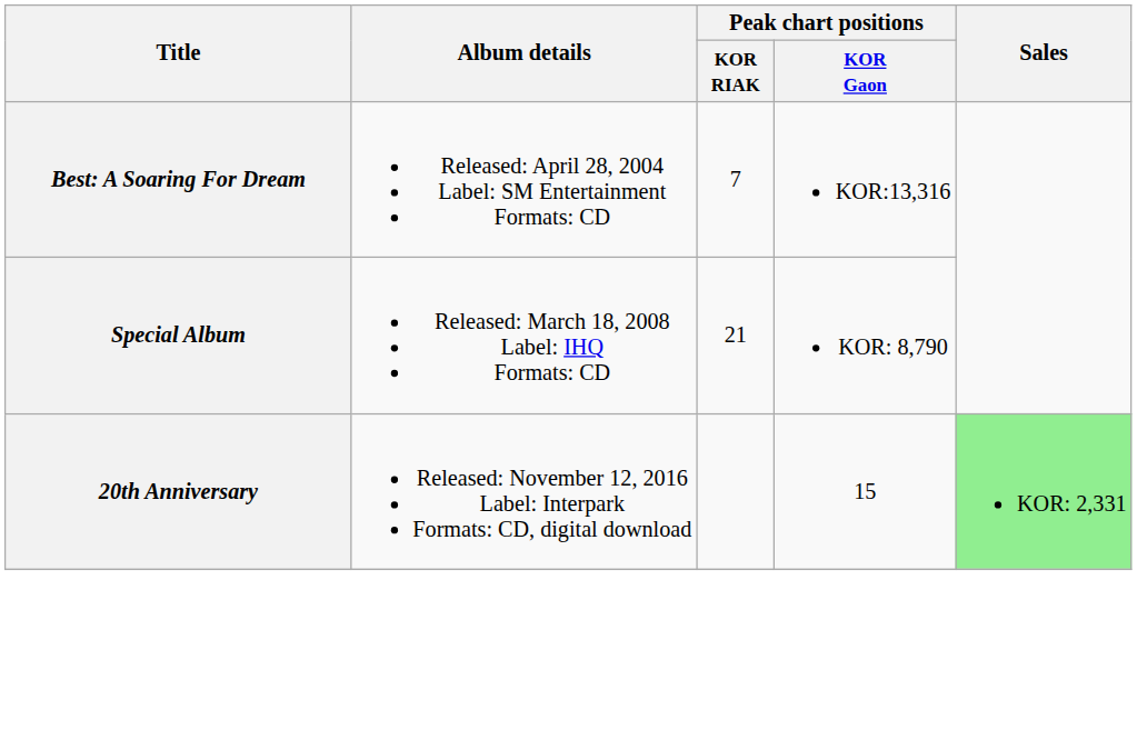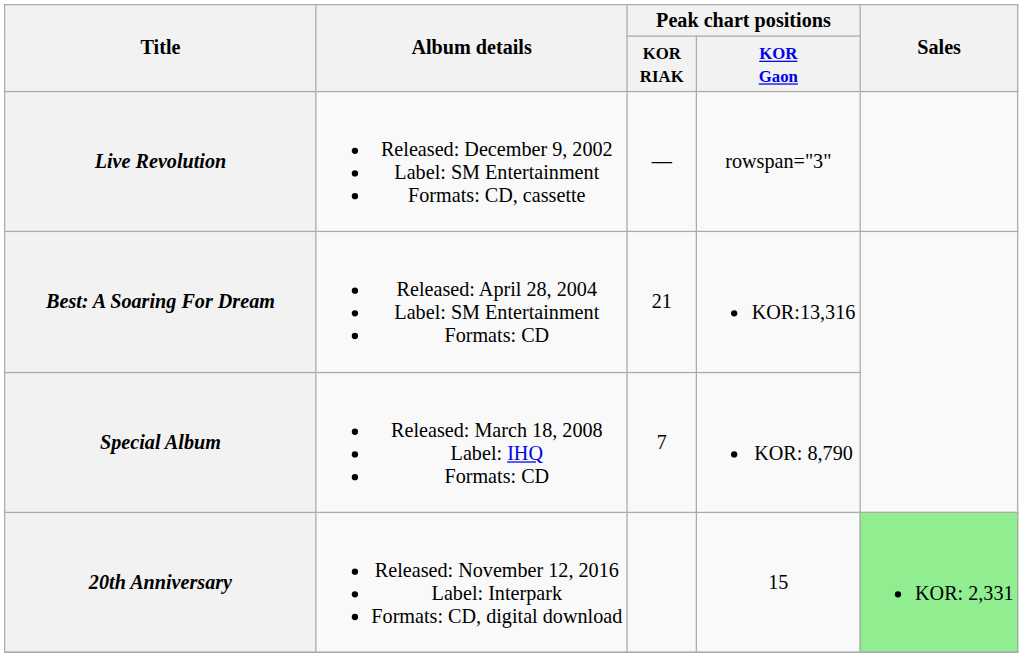 <table class="wikitable plainrowheaders" style="text-align:center;">
 <tr>
 <th scope="col" rowspan="2" style="width:15em;">Title</th>
 <th scope="col" rowspan="2">Album details</th>
 <th colspan="2" scope="col">Peak chart positions</th>
 <th scope="col" rowspan="2">Sales</th>
 </tr>
 <tr>
 <th style="width:3em;"><small>KOR<br>RIAK</small><br></th>
 <th style="width:3em;"><small><a href='#'>KOR<br>Gaon</a></small><br></th>
 </tr>
 <tr>
+<th scope="row"><em>Live Revolution</em></th>
+<td><br><ul><li>Released: December 9, 2002</li><li>Label: SM Entertainment</li><li>Formats: CD, cassette</li></ul></td>
+<td>—</td>
+<td>rowspan="3" </td>
+<td></td>
+</tr>
+<tr>
 <th scope="row"><em>Best: A Soaring For Dream</em></th>
 <td><br><ul><li>Released: April 28, 2004</li><li>Label: SM Entertainment</li><li>Formats: CD</li></ul></td>
-<td>7</td>
+<td>21</td>
 <td><br><ul><li>KOR:13,316</li></ul></td>
 </tr>
 <tr>
 <th scope="row"><em>Special Album</em></th>
 <td><br><ul><li>Released: March 18, 2008</li><li>Label: <a href='#'>IHQ</a></li><li>Formats: CD</li></ul></td>
-<td>21</td>
+<td>7</td>
 <td><br><ul><li>KOR: 8,790</li></ul></td>
 </tr>
 <tr>
 <th scope="row"><em>20th Anniversary</em></th>
 <td><br><ul><li>Released: November 12, 2016</li><li>Label: Interpark</li><li>Formats: CD, digital download</li></ul></td>
 <td></td>
 <td>15</td>
 <td style="background: lightgreen;"><br><ul><li>KOR: 2,331</li></ul></td>
 </tr>
 <tr>
 </tr>
 </table>
